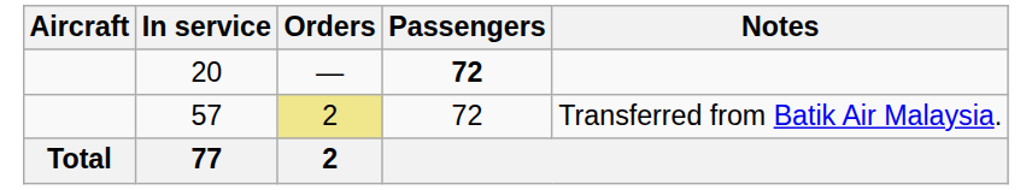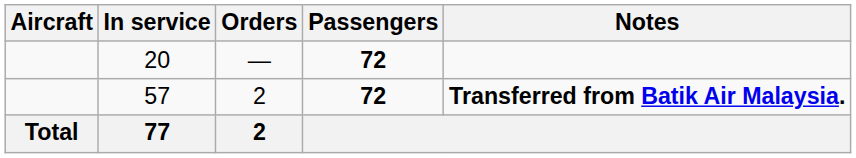 <table class="wikitable" style="margin:1em auto; border-collapse:collapse;text-align:center">
 <tr>
 <th>Aircraft</th>
 <th>In service</th>
 <th>Orders</th>
 <th>Passengers</th>
 <th>Notes</th>
 </tr>
 <tr>
 <td></td>
 <td>20</td>
 <td>—</td>
 <td><strong>72</strong></td>
 <td></td>
 </tr>
 <tr>
 <td></td>
 <td>57</td>
-<td style="background: khaki;">2</td>
-<td>72</td>
-<td>Transferred from <a href='#'>Batik Air Malaysia</a>.</td>
+<td>2</td>
+<td><strong>72</strong></td>
+<td><strong>Transferred from <a href='#'>Batik Air Malaysia</a>.</strong></td>
 </tr>
 <tr>
 <th>Total</th>
 <th>77</th>
 <th>2</th>
 <th colspan="3"></th>
 </tr>
 </table>
